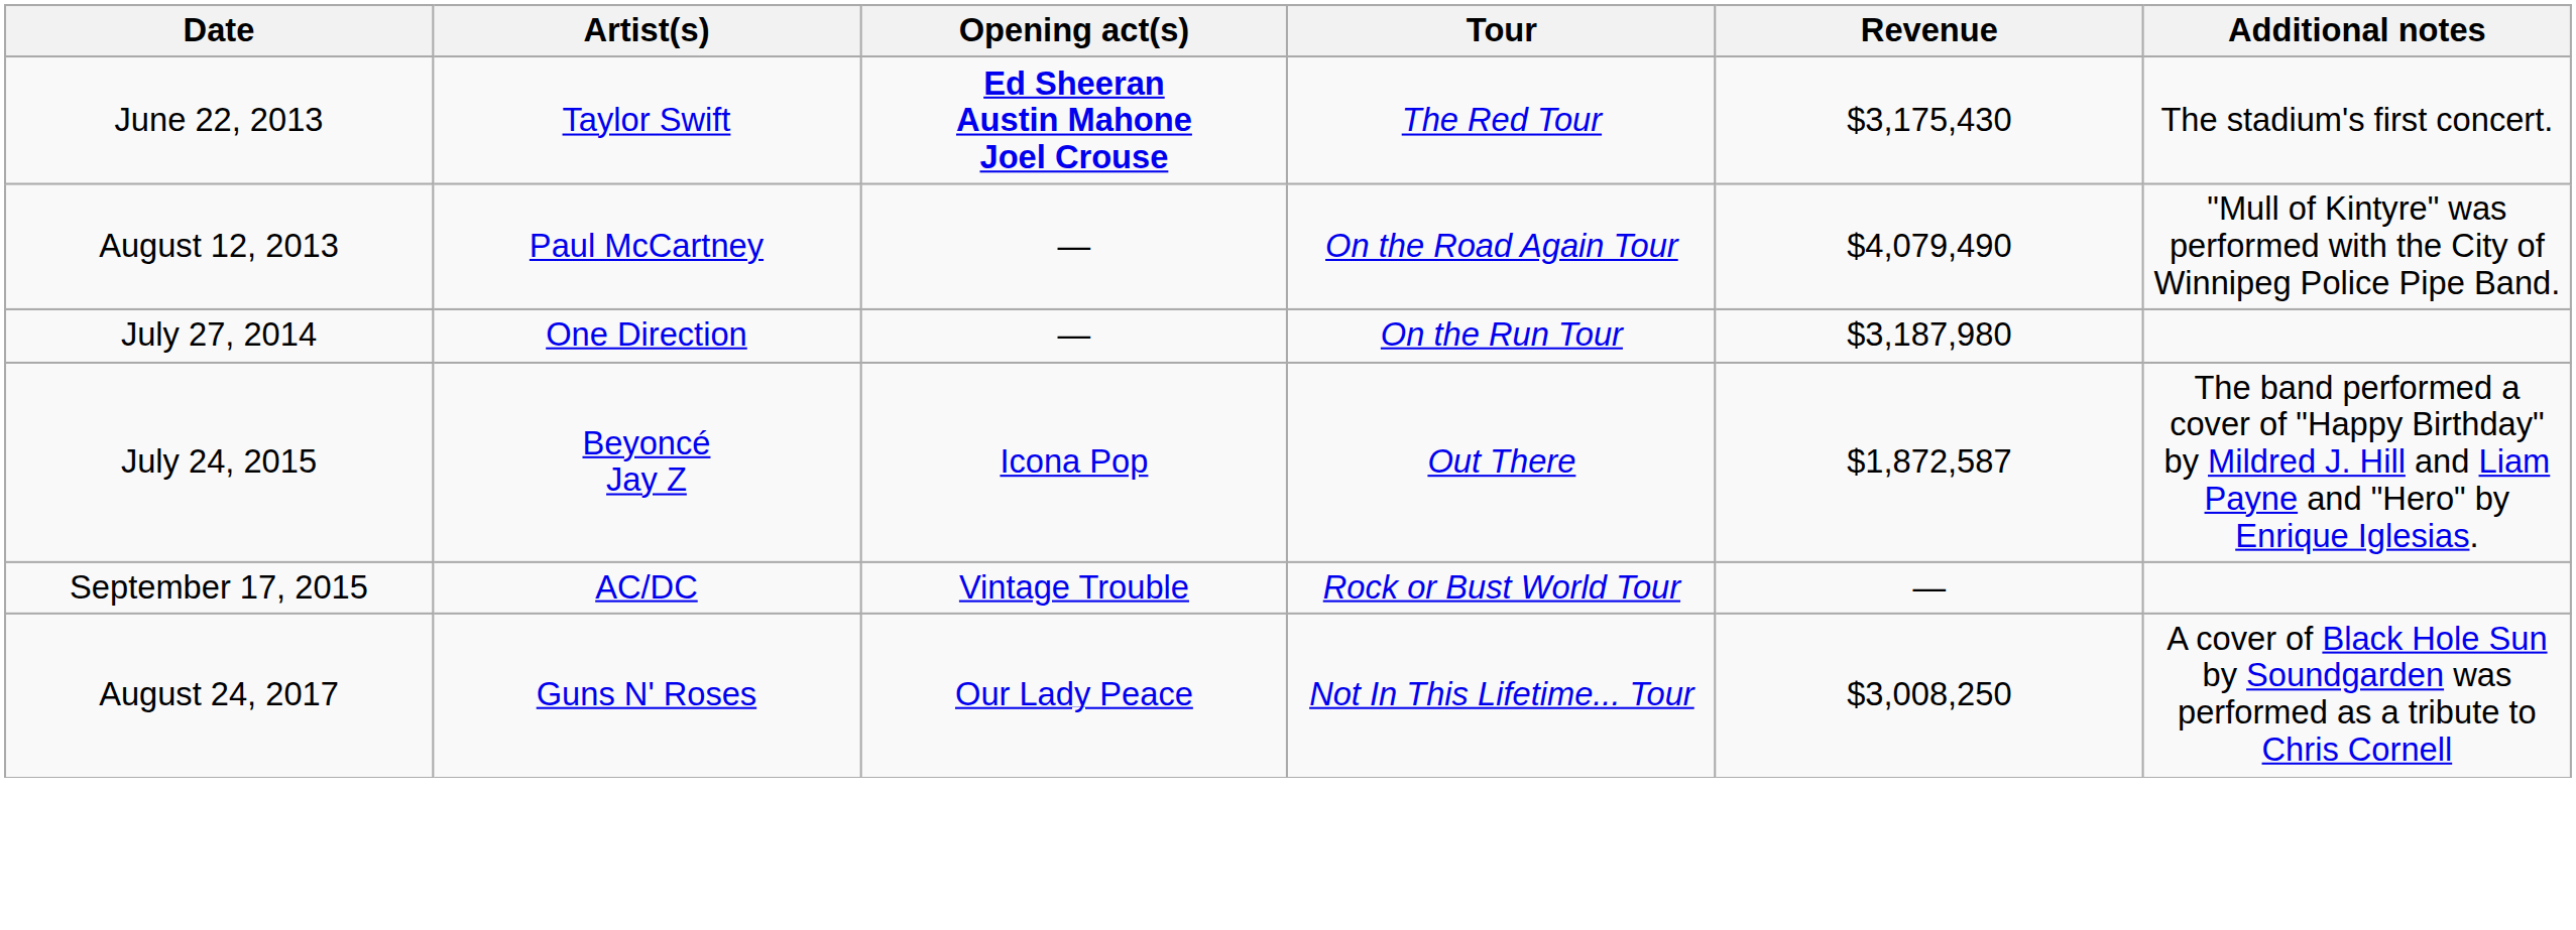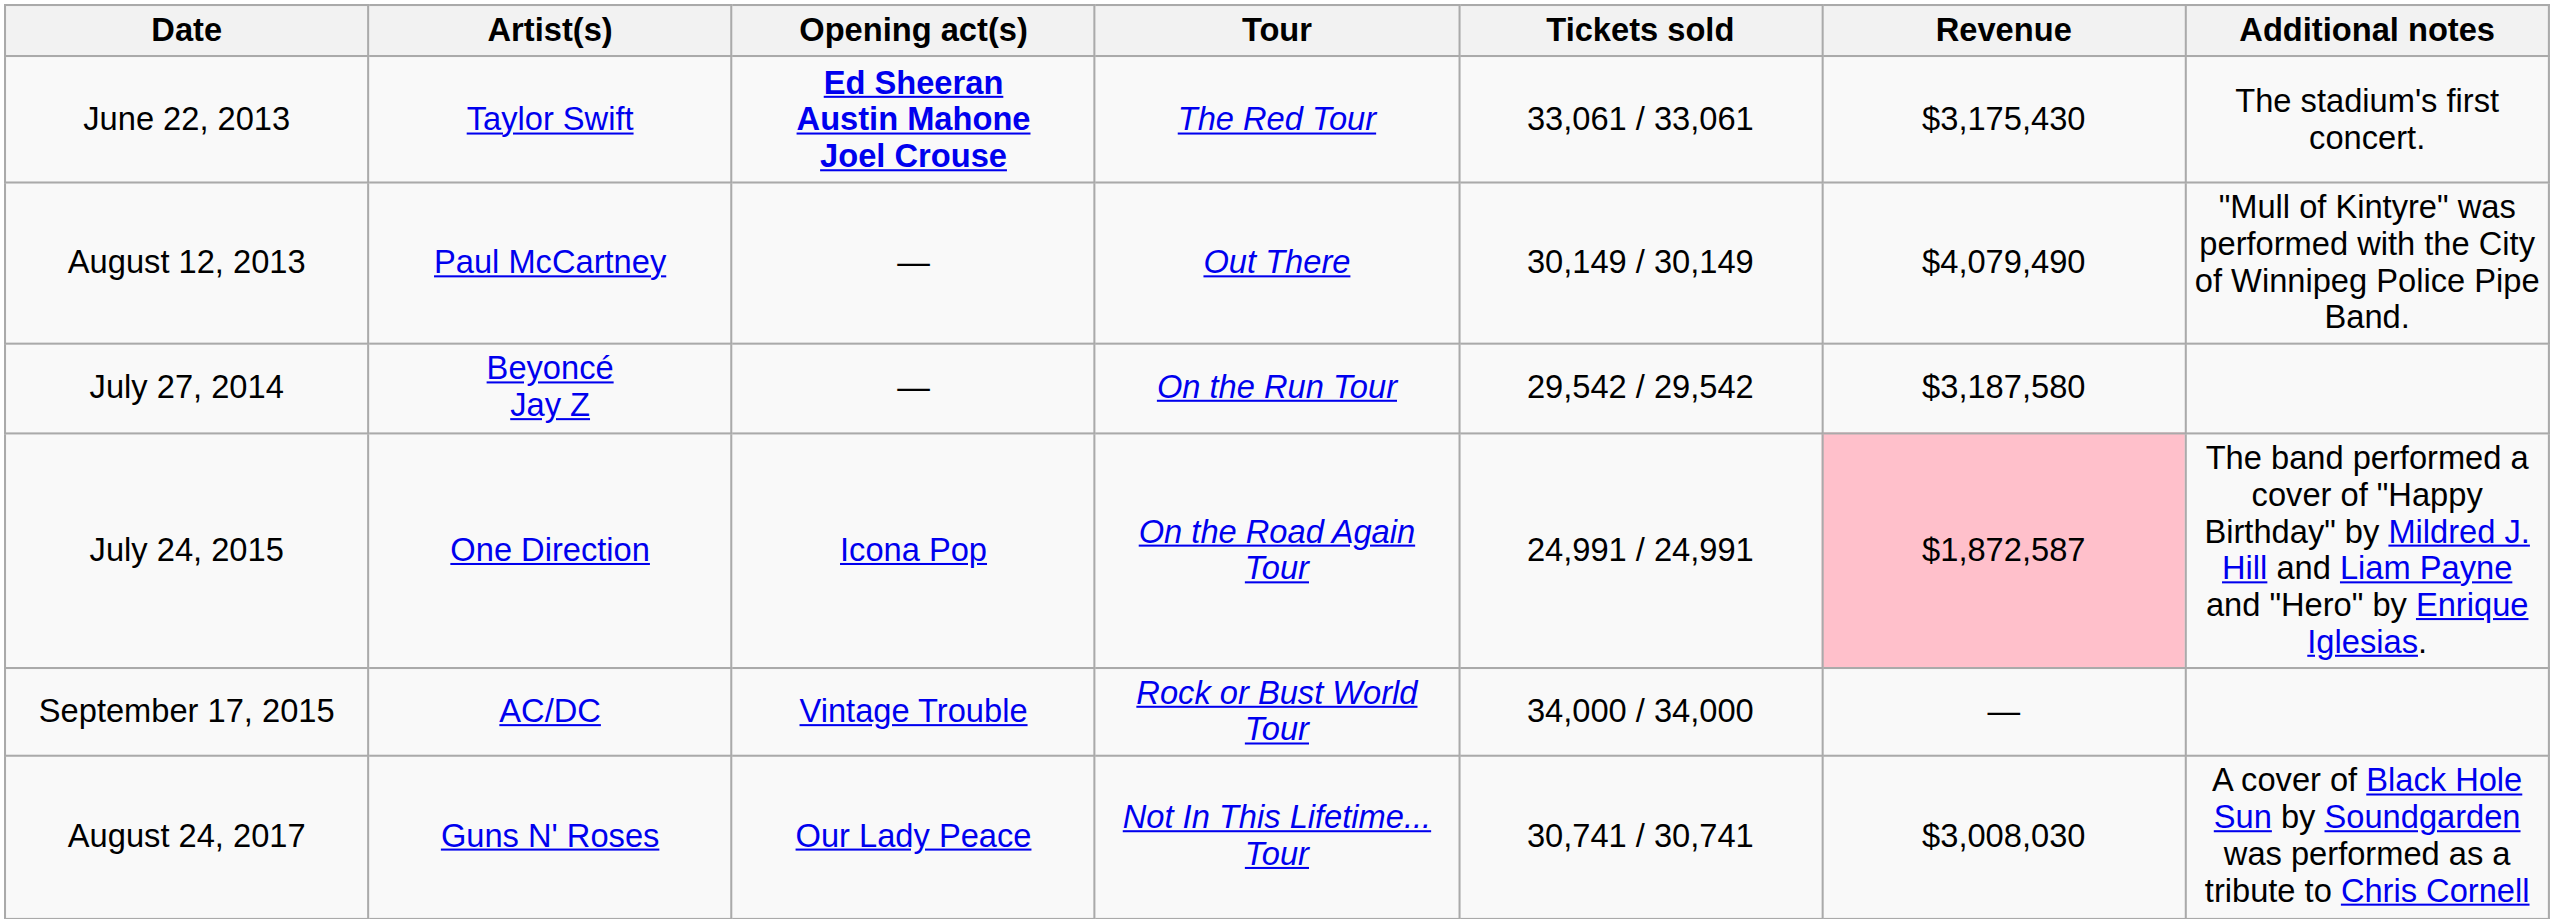 <table class="wikitable" style="text-align:center;">
 <tr>
 <th width=12% style="text-align:center;">Date</th>
 <th width=12% style="text-align:center;">Artist(s)</th>
 <th width=12% style="text-align:center;">Opening act(s)</th>
 <th width=12% style="text-align:center;">Tour</th>
+<th width=12% style="text-align:center;">Tickets sold</th>
 <th width=12% style="text-align:center;">Revenue</th>
 <th width=12% style="text-align:center;">Additional notes</th>
 </tr>
 <tr>
 <td>June 22, 2013</td>
 <td><a href='#'>Taylor Swift</a></td>
 <td><strong><a href='#'>Ed Sheeran</a><br><a href='#'>Austin Mahone</a><br><a href='#'>Joel Crouse</a></strong></td>
 <td><em><a href='#'>The Red Tour</a></em></td>
+<td>33,061 / 33,061</td>
 <td>$3,175,430</td>
 <td>The stadium's first concert.</td>
 </tr>
 <tr>
 <td>August 12, 2013</td>
 <td><a href='#'>Paul McCartney</a></td>
 <td>—</td>
-<td><em><a href='#'>On the Road Again Tour</a></em></td>
+<td><a href='#'><em>Out There</em></a></td>
+<td>30,149 / 30,149</td>
 <td>$4,079,490</td>
 <td>"Mull of Kintyre" was performed with the City of Winnipeg Police Pipe Band.</td>
 </tr>
 <tr>
 <td>July 27, 2014</td>
-<td><a href='#'>One Direction</a></td>
+<td><a href='#'>Beyoncé</a><br><a href='#'>Jay Z</a></td>
 <td>—</td>
 <td><a href='#'><em>On the Run Tour</em></a></td>
-<td>$3,187,980</td>
+<td>29,542 / 29,542</td>
+<td>$3,187,580</td>
 <td></td>
 </tr>
 <tr>
 <td>July 24, 2015</td>
-<td><a href='#'>Beyoncé</a><br><a href='#'>Jay Z</a></td>
+<td><a href='#'>One Direction</a></td>
 <td><a href='#'>Icona Pop</a></td>
-<td><a href='#'><em>Out There</em></a></td>
-<td>$1,872,587</td>
+<td><em><a href='#'>On the Road Again Tour</a></em></td>
+<td>24,991 / 24,991</td>
+<td style="background: pink;">$1,872,587</td>
 <td>The band performed a cover of "Happy Birthday" by <a href='#'>Mildred J. Hill</a> and <a href='#'>Liam Payne</a> and "Hero" by <a href='#'>Enrique Iglesias</a>.</td>
 </tr>
 <tr>
 <td>September 17, 2015</td>
 <td><a href='#'>AC/DC</a></td>
 <td><a href='#'>Vintage Trouble</a></td>
 <td><em><a href='#'>Rock or Bust World Tour</a></em></td>
+<td>34,000 / 34,000</td>
 <td>—</td>
 <td></td>
 </tr>
 <tr>
 <td>August 24, 2017</td>
 <td><a href='#'>Guns N' Roses</a></td>
 <td><a href='#'>Our Lady Peace</a></td>
 <td><em><a href='#'>Not In This Lifetime... Tour</a></em></td>
-<td>$3,008,250</td>
+<td>30,741 / 30,741</td>
+<td>$3,008,030</td>
 <td>A cover of <a href='#'>Black Hole Sun</a> by <a href='#'>Soundgarden</a> was performed as a tribute to <a href='#'>Chris Cornell</a></td>
 </tr>
 </table>
